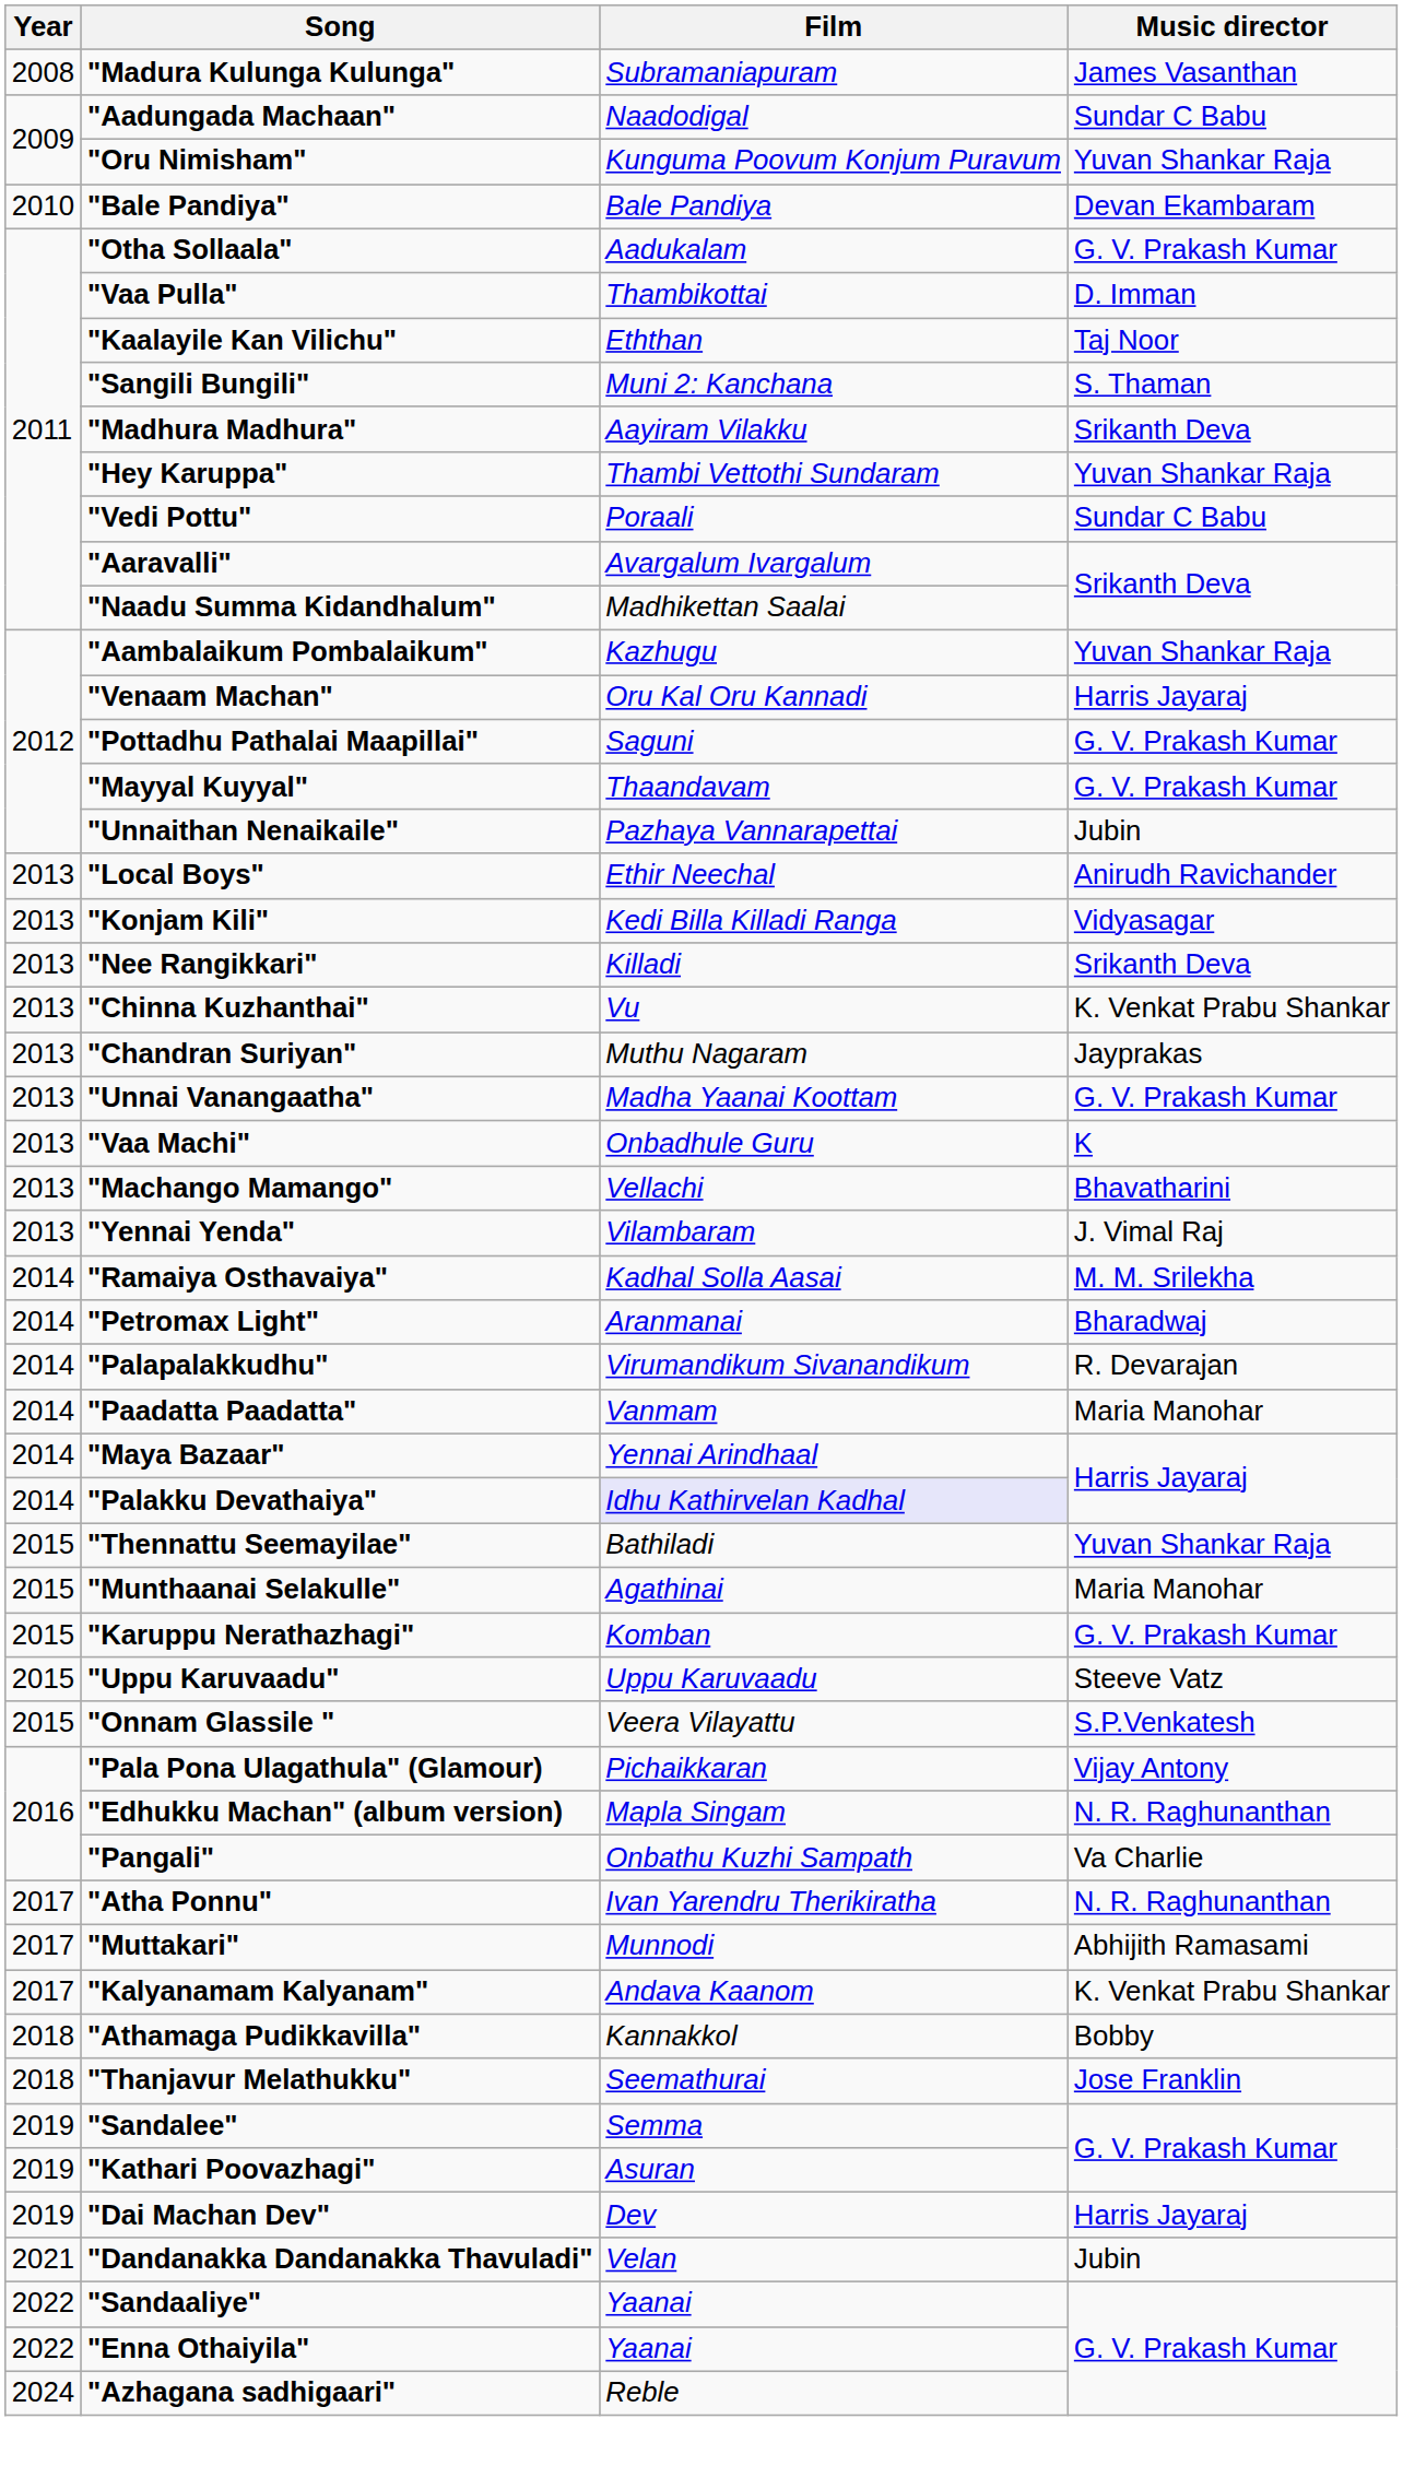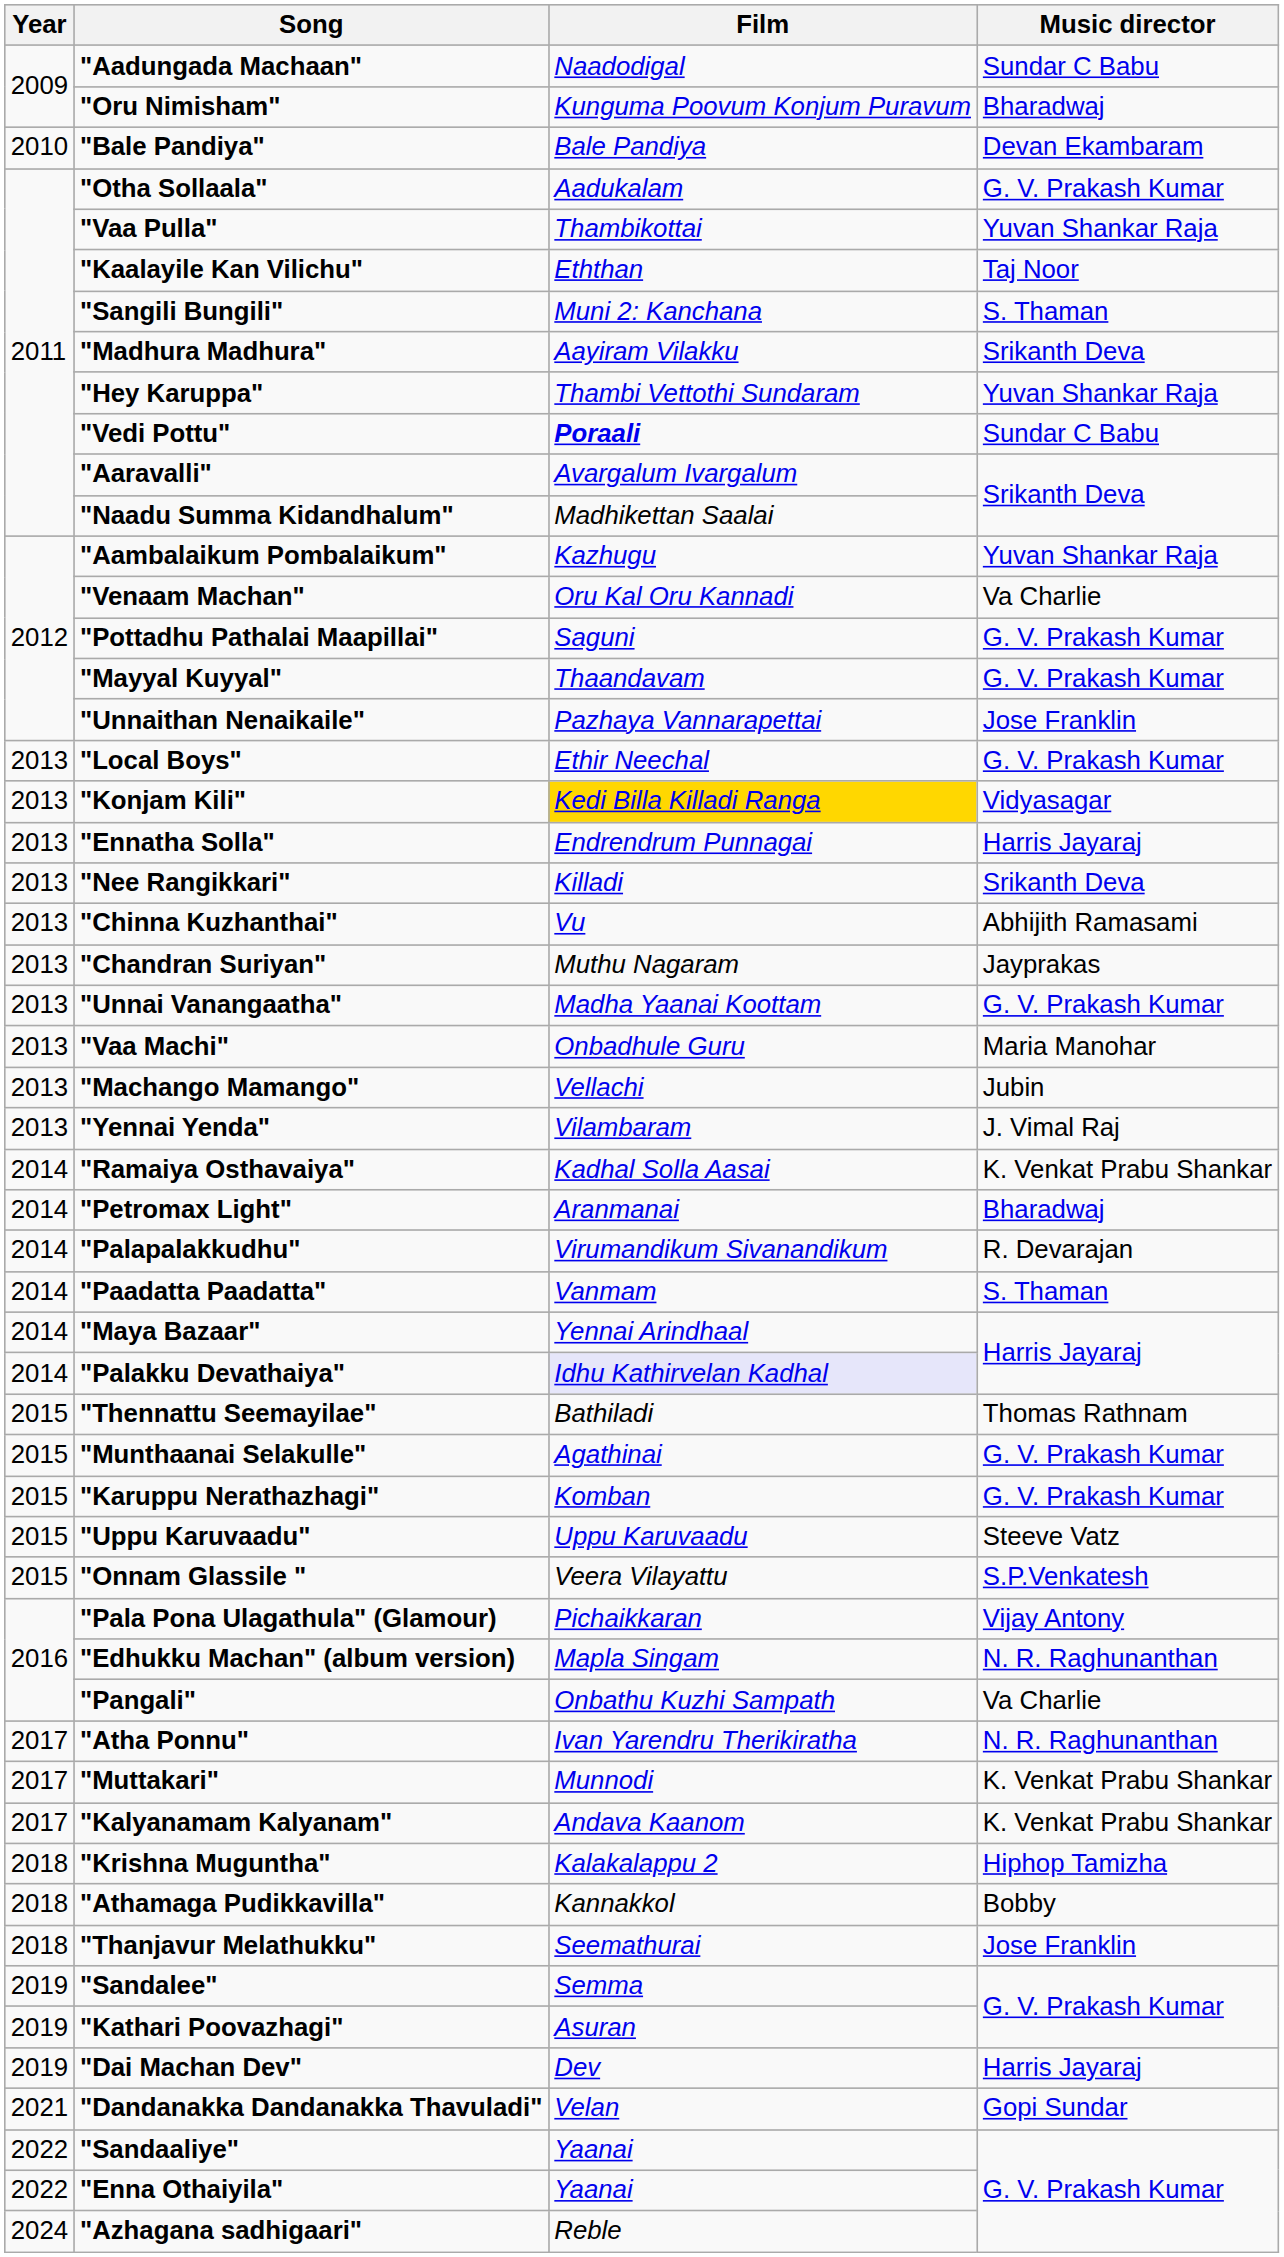 <table class="wikitable sortable">
 <tr style="background:#c">
 <th>Year</th>
 <th>Song</th>
 <th>Film</th>
 <th>Music director</th>
-</tr>
-<tr>
-<td>2008</td>
-<td><strong>"Madura Kulunga Kulunga"</strong></td>
-<td><em><a href='#'>Subramaniapuram</a></em></td>
-<td><a href='#'>James Vasanthan</a></td>
 </tr>
 <tr>
 <td rowspan="2">2009</td>
 <td><strong>"Aadungada Machaan"</strong></td>
 <td><em><a href='#'>Naadodigal</a></em></td>
 <td><a href='#'>Sundar C Babu</a></td>
 </tr>
 <tr>
 <td><strong>"Oru Nimisham"</strong></td>
 <td><em><a href='#'>Kunguma Poovum Konjum Puravum</a></em></td>
-<td><a href='#'>Yuvan Shankar Raja</a></td>
+<td><a href='#'>Bharadwaj</a></td>
 </tr>
 <tr>
 <td>2010</td>
 <td><strong>"Bale Pandiya"</strong></td>
 <td><em><a href='#'>Bale Pandiya</a></em></td>
 <td><a href='#'>Devan Ekambaram</a></td>
 </tr>
 <tr>
 <td rowspan="9">2011</td>
 <td><strong>"Otha Sollaala"</strong></td>
 <td><em><a href='#'>Aadukalam</a></em></td>
 <td><a href='#'>G. V. Prakash Kumar</a></td>
 </tr>
 <tr>
 <td><strong>"Vaa Pulla"</strong></td>
 <td><em><a href='#'>Thambikottai</a></em></td>
-<td><a href='#'>D. Imman</a></td>
+<td><a href='#'>Yuvan Shankar Raja</a></td>
 </tr>
 <tr>
 <td><strong>"Kaalayile Kan Vilichu"</strong></td>
 <td><em><a href='#'>Eththan</a></em></td>
 <td><a href='#'>Taj Noor</a></td>
 </tr>
 <tr>
 <td><strong>"Sangili Bungili"</strong></td>
 <td><em><a href='#'>Muni 2: Kanchana</a></em></td>
 <td><a href='#'>S. Thaman</a></td>
 </tr>
 <tr>
 <td><strong>"Madhura Madhura"</strong></td>
 <td><em><a href='#'>Aayiram Vilakku</a></em></td>
 <td><a href='#'>Srikanth Deva</a></td>
 </tr>
 <tr>
 <td><strong>"Hey Karuppa"</strong></td>
 <td><em><a href='#'>Thambi Vettothi Sundaram</a></em></td>
 <td><a href='#'>Yuvan Shankar Raja</a></td>
 </tr>
 <tr>
 <td><strong>"Vedi Pottu"</strong></td>
-<td><em><a href='#'>Poraali</a></em></td>
+<td><strong><em><a href='#'>Poraali</a></em></strong></td>
 <td><a href='#'>Sundar C Babu</a></td>
 </tr>
 <tr>
 <td><strong>"Aaravalli"</strong></td>
 <td><em><a href='#'>Avargalum Ivargalum</a></em></td>
 <td rowspan="2"><a href='#'>Srikanth Deva</a></td>
 </tr>
 <tr>
 <td><strong>"Naadu Summa Kidandhalum"</strong></td>
 <td><em>Madhikettan Saalai</em></td>
 </tr>
 <tr>
 <td rowspan="5">2012</td>
 <td><strong>"Aambalaikum Pombalaikum"</strong></td>
 <td><em><a href='#'>Kazhugu</a></em></td>
 <td><a href='#'>Yuvan Shankar Raja</a></td>
 </tr>
 <tr>
 <td><strong>"Venaam Machan"</strong></td>
 <td><em><a href='#'>Oru Kal Oru Kannadi</a></em></td>
-<td><a href='#'>Harris Jayaraj</a></td>
+<td>Va Charlie</td>
 </tr>
 <tr>
 <td><strong>"Pottadhu Pathalai Maapillai"</strong></td>
 <td><em><a href='#'>Saguni</a></em></td>
 <td><a href='#'>G. V. Prakash Kumar</a></td>
 </tr>
 <tr>
 <td><strong>"Mayyal Kuyyal"</strong></td>
 <td><em><a href='#'>Thaandavam</a></em></td>
 <td><a href='#'>G. V. Prakash Kumar</a></td>
 </tr>
 <tr>
 <td><strong>"Unnaithan Nenaikaile"</strong></td>
 <td><em><a href='#'>Pazhaya Vannarapettai</a></em></td>
-<td>Jubin</td>
+<td><a href='#'>Jose Franklin</a></td>
 </tr>
 <tr>
 <td>2013</td>
 <td><strong>"Local Boys"</strong></td>
 <td><em><a href='#'>Ethir Neechal</a></em></td>
-<td><a href='#'>Anirudh Ravichander</a></td>
+<td><a href='#'>G. V. Prakash Kumar</a></td>
 </tr>
 <tr>
 <td>2013</td>
 <td><strong>"Konjam Kili"</strong></td>
-<td><em><a href='#'>Kedi Billa Killadi Ranga</a></em></td>
+<td style="background: gold;"><em><a href='#'>Kedi Billa Killadi Ranga</a></em></td>
 <td><a href='#'>Vidyasagar</a></td>
+</tr>
+<tr>
+<td>2013</td>
+<td><strong>"Ennatha Solla"</strong></td>
+<td><em><a href='#'>Endrendrum Punnagai</a></em></td>
+<td><a href='#'>Harris Jayaraj</a></td>
 </tr>
 <tr>
 <td>2013</td>
 <td><strong>"Nee Rangikkari"</strong></td>
 <td><em><a href='#'>Killadi</a></em></td>
 <td><a href='#'>Srikanth Deva</a></td>
 </tr>
 <tr>
 <td>2013</td>
 <td><strong>"Chinna Kuzhanthai"</strong></td>
 <td><em><a href='#'>Vu</a></em></td>
-<td>K. Venkat Prabu Shankar</td>
+<td>Abhijith Ramasami</td>
 </tr>
 <tr>
 <td>2013</td>
 <td><strong>"Chandran Suriyan"</strong></td>
 <td><em>Muthu Nagaram</em></td>
 <td>Jayprakas</td>
 </tr>
 <tr>
 <td>2013</td>
 <td><strong>"Unnai Vanangaatha"</strong></td>
 <td><em><a href='#'>Madha Yaanai Koottam</a></em></td>
 <td><a href='#'>G. V. Prakash Kumar</a></td>
 </tr>
 <tr>
 <td>2013</td>
 <td><strong>"Vaa Machi"</strong></td>
 <td><em><a href='#'>Onbadhule Guru</a></em></td>
-<td><a href='#'>K</a></td>
+<td>Maria Manohar</td>
 </tr>
 <tr>
 <td>2013</td>
 <td><strong>"Machango Mamango"</strong></td>
 <td><em><a href='#'>Vellachi</a></em></td>
-<td><a href='#'>Bhavatharini</a></td>
+<td>Jubin</td>
 </tr>
 <tr>
 <td>2013</td>
 <td><strong>"Yennai Yenda"</strong></td>
 <td><em><a href='#'>Vilambaram</a></em></td>
 <td>J. Vimal Raj</td>
 </tr>
 <tr>
 <td>2014</td>
 <td><strong>"Ramaiya Osthavaiya"</strong></td>
 <td><em><a href='#'>Kadhal Solla Aasai</a></em></td>
-<td><a href='#'>M. M. Srilekha</a></td>
+<td>K. Venkat Prabu Shankar</td>
 </tr>
 <tr>
 <td>2014</td>
 <td><strong>"Petromax Light"</strong></td>
 <td><em><a href='#'>Aranmanai</a></em></td>
 <td><a href='#'>Bharadwaj</a></td>
 </tr>
 <tr>
 <td>2014</td>
 <td><strong>"Palapalakkudhu"</strong></td>
 <td><em><a href='#'>Virumandikum Sivanandikum</a></em></td>
 <td>R. Devarajan</td>
 </tr>
 <tr>
 <td>2014</td>
 <td><strong>"Paadatta Paadatta"</strong></td>
 <td><em><a href='#'>Vanmam</a></em></td>
-<td>Maria Manohar</td>
+<td><a href='#'>S. Thaman</a></td>
 </tr>
 <tr>
 <td>2014</td>
 <td><strong>"Maya Bazaar"</strong></td>
 <td><em><a href='#'>Yennai Arindhaal</a></em></td>
 <td rowspan="2"><a href='#'>Harris Jayaraj</a></td>
 </tr>
 <tr>
 <td>2014</td>
 <td><strong>"Palakku Devathaiya"</strong></td>
 <td style="background: lavender;"><em><a href='#'>Idhu Kathirvelan Kadhal</a></em></td>
 </tr>
 <tr>
 <td>2015</td>
 <td><strong>"Thennattu Seemayilae"</strong></td>
 <td><em>Bathiladi</em></td>
-<td><a href='#'>Yuvan Shankar Raja</a></td>
+<td>Thomas Rathnam</td>
 </tr>
 <tr>
 <td>2015</td>
 <td><strong>"Munthaanai Selakulle"</strong></td>
 <td><em><a href='#'>Agathinai</a></em></td>
-<td>Maria Manohar</td>
+<td><a href='#'>G. V. Prakash Kumar</a></td>
 </tr>
 <tr>
 <td>2015</td>
 <td><strong>"Karuppu Nerathazhagi"</strong></td>
 <td><em><a href='#'>Komban</a></em></td>
 <td><a href='#'>G. V. Prakash Kumar</a></td>
 </tr>
 <tr>
 <td>2015</td>
 <td><strong>"Uppu Karuvaadu"</strong></td>
 <td><em><a href='#'>Uppu Karuvaadu</a></em></td>
 <td>Steeve Vatz</td>
 </tr>
 <tr>
 <td>2015</td>
 <td><strong>"Onnam Glassile "</strong></td>
 <td><em>Veera Vilayattu</em></td>
 <td><a href='#'>S.P.Venkatesh</a></td>
 </tr>
 <tr>
 <td rowspan="3">2016</td>
 <td><strong>"Pala Pona Ulagathula" (Glamour)</strong></td>
 <td><em><a href='#'>Pichaikkaran</a></em></td>
 <td><a href='#'>Vijay Antony</a></td>
 </tr>
 <tr>
 <td><strong>"Edhukku Machan" (album version)</strong></td>
 <td><em><a href='#'>Mapla Singam</a></em></td>
 <td><a href='#'>N. R. Raghunanthan</a></td>
 </tr>
 <tr>
 <td><strong>"Pangali"</strong></td>
 <td><em><a href='#'>Onbathu Kuzhi Sampath</a></em></td>
 <td>Va Charlie</td>
 </tr>
 <tr>
 <td>2017</td>
 <td><strong>"Atha Ponnu"</strong></td>
 <td><em><a href='#'>Ivan Yarendru Therikiratha</a></em></td>
 <td><a href='#'>N. R. Raghunanthan</a></td>
 </tr>
 <tr>
 <td>2017</td>
 <td><strong>"Muttakari"</strong></td>
 <td><em><a href='#'>Munnodi</a></em></td>
-<td>Abhijith Ramasami</td>
+<td>K. Venkat Prabu Shankar</td>
 </tr>
 <tr>
 <td>2017</td>
 <td><strong>"Kalyanamam Kalyanam"</strong></td>
 <td><em><a href='#'>Andava Kaanom</a></em></td>
 <td>K. Venkat Prabu Shankar</td>
+</tr>
+<tr>
+<td>2018</td>
+<td><strong>"Krishna Muguntha"</strong></td>
+<td><em><a href='#'>Kalakalappu 2</a></em></td>
+<td><a href='#'>Hiphop Tamizha</a></td>
 </tr>
 <tr>
 <td>2018</td>
 <td><strong>"Athamaga Pudikkavilla"</strong></td>
 <td><em>Kannakkol</em></td>
 <td>Bobby</td>
 </tr>
 <tr>
 <td>2018</td>
 <td><strong>"Thanjavur Melathukku"</strong></td>
 <td><em><a href='#'>Seemathurai</a></em></td>
 <td><a href='#'>Jose Franklin</a></td>
 </tr>
 <tr>
 <td>2019</td>
 <td><strong>"Sandalee"</strong></td>
 <td><em><a href='#'>Semma</a></em></td>
 <td rowspan="2"><a href='#'>G. V. Prakash Kumar</a></td>
 </tr>
 <tr>
 <td>2019</td>
 <td><strong>"Kathari Poovazhagi"</strong></td>
 <td><em><a href='#'>Asuran</a></em></td>
 </tr>
 <tr>
 <td>2019</td>
 <td><strong>"Dai Machan Dev"</strong></td>
 <td><em><a href='#'>Dev</a></em></td>
 <td><a href='#'>Harris Jayaraj</a></td>
 </tr>
 <tr>
 <td>2021</td>
 <td><strong>"Dandanakka Dandanakka Thavuladi"</strong></td>
 <td><em><a href='#'>Velan</a></em></td>
-<td>Jubin</td>
+<td><a href='#'>Gopi Sundar</a></td>
 </tr>
 <tr>
 <td>2022</td>
 <td><strong>"Sandaaliye"</strong></td>
 <td><em><a href='#'>Yaanai</a></em></td>
 <td rowspan="3"><a href='#'>G. V. Prakash Kumar</a></td>
 </tr>
 <tr>
 <td>2022</td>
 <td><strong>"Enna Othaiyila"</strong></td>
 <td><em><a href='#'>Yaanai</a></em></td>
 </tr>
 <tr>
 <td>2024</td>
 <td><strong>"Azhagana sadhigaari"</strong></td>
 <td><em>Reble</em></td>
 </tr>
 </table>
